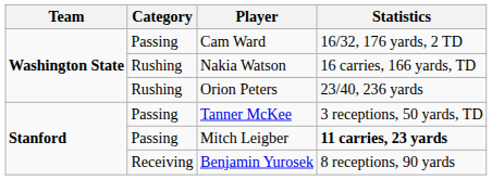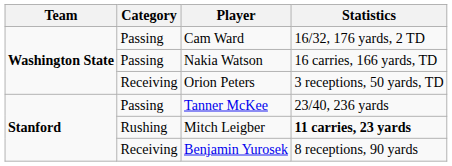 <table class="wikitable" style="float: right;">
 <tr>
 <th>Team</th>
 <th>Category</th>
 <th>Player</th>
 <th>Statistics</th>
 </tr>
 <tr>
 <td rowspan=3><strong>Washington State</strong></td>
 <td>Passing</td>
 <td>Cam Ward</td>
 <td>16/32, 176 yards, 2 TD</td>
 </tr>
 <tr>
-<td>Rushing</td>
+<td>Passing</td>
 <td>Nakia Watson</td>
 <td>16 carries, 166 yards, TD</td>
 </tr>
 <tr>
-<td>Rushing</td>
+<td>Receiving</td>
 <td>Orion Peters</td>
-<td>23/40, 236 yards</td>
+<td>3 receptions, 50 yards, TD</td>
 </tr>
 <tr>
 <td rowspan=3><strong>Stanford</strong></td>
 <td>Passing</td>
 <td><a href='#'>Tanner McKee</a></td>
-<td>3 receptions, 50 yards, TD</td>
+<td>23/40, 236 yards</td>
 </tr>
 <tr>
-<td>Passing</td>
+<td>Rushing</td>
 <td>Mitch Leigber</td>
 <td><strong>11 carries, 23 yards</strong></td>
 </tr>
 <tr>
 <td>Receiving</td>
 <td><a href='#'>Benjamin Yurosek</a></td>
 <td>8 receptions, 90 yards</td>
 </tr>
 </table>
